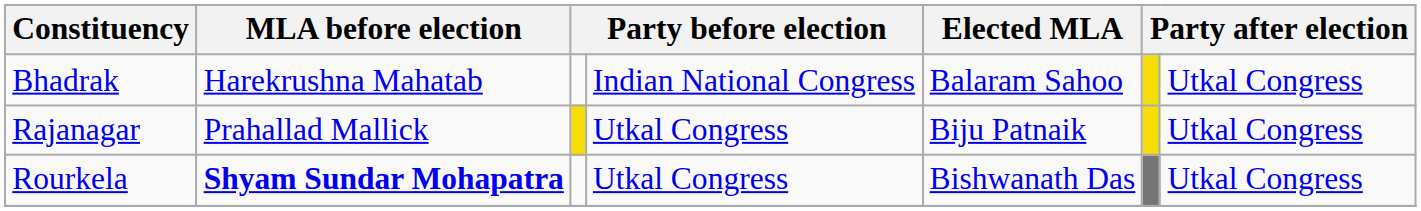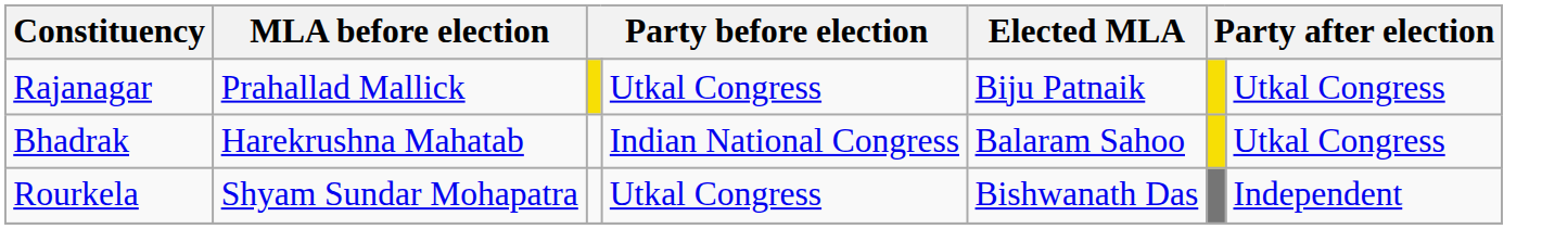 <table class="wikitable sortable">
 <tr>
 <th>Constituency</th>
 <th>MLA before election</th>
 <th colspan="2">Party before election</th>
 <th>Elected MLA</th>
 <th colspan="2">Party after election</th>
+</tr>
+<tr>
+<td><a href='#'>Rajanagar</a></td>
+<td><a href='#'>Prahallad Mallick</a></td>
+<td bgcolor="#F7DF05"></td>
+<td><a href='#'>Utkal Congress</a></td>
+<td><a href='#'>Biju Patnaik</a></td>
+<td bgcolor="#F7DF05"></td>
+<td><a href='#'>Utkal Congress</a></td>
 </tr>
 <tr>
 <td><a href='#'>Bhadrak</a></td>
 <td><a href='#'>Harekrushna Mahatab</a></td>
 <td></td>
 <td><a href='#'>Indian National Congress</a></td>
 <td><a href='#'>Balaram Sahoo</a></td>
 <td bgcolor="#F7DF05"></td>
 <td><a href='#'>Utkal Congress</a></td>
 </tr>
 <tr>
-<td><a href='#'>Rajanagar</a></td>
-<td><a href='#'>Prahallad Mallick</a></td>
-<td bgcolor="#F7DF05"></td>
-<td><a href='#'>Utkal Congress</a></td>
-<td><a href='#'>Biju Patnaik</a></td>
-<td bgcolor="#F7DF05"></td>
-<td><a href='#'>Utkal Congress</a></td>
-</tr>
-<tr>
 <td><a href='#'>Rourkela</a></td>
-<td><strong><a href='#'>Shyam Sundar Mohapatra</a></strong></td>
+<td><a href='#'>Shyam Sundar Mohapatra</a></td>
 <td></td>
 <td><a href='#'>Utkal Congress</a></td>
 <td><a href='#'>Bishwanath Das</a></td>
 <td bgcolor="#757575"></td>
-<td><a href='#'>Utkal Congress</a></td>
+<td><a href='#'>Independent</a></td>
 </tr>
 <tr>
 </tr>
 </table>
